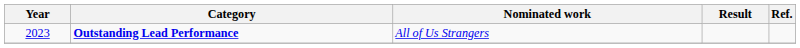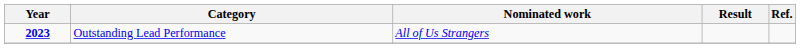 <table class=wikitable>
 <tr>
 <th scope="col" style="width:5em;">Year</th>
 <th scope="col" style="width:26em;">Category</th>
 <th scope="col" style="width:25em;">Nominated work</th>
 <th scope="col" style="width:5em;">Result</th>
 <th>Ref.</th>
 </tr>
 <tr>
-<td style="text-align:center;"><a href='#'>2023</a></td>
-<td><strong><a href='#'>Outstanding Lead Performance</a></strong></td>
+<td style="text-align:center;"><strong><a href='#'>2023</a></strong></td>
+<td><a href='#'>Outstanding Lead Performance</a></td>
 <td><em><a href='#'>All of Us Strangers</a></em></td>
 <td></td>
 <td></td>
 </tr>
 <tr>
 </tr>
 </table>
